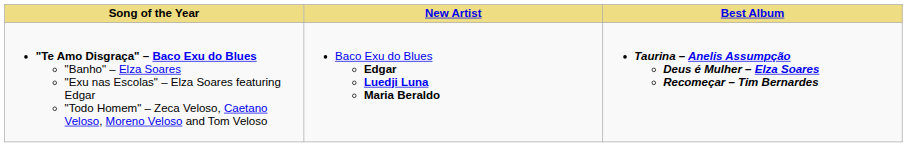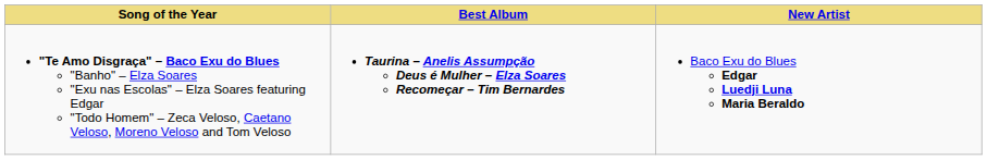 <table class=wikitable>
 <tr>
 <th style="background:#EEDD82;width:20%">Song of the Year</th>
+<th style="background:#EEDD82;width:20%"><a href='#'>Best Album</a></th>
 <th style="background:#EEDD82;width:20%"><a href='#'>New Artist</a></th>
-<th style="background:#EEDD82;width:20%"><a href='#'>Best Album</a></th>
 </tr>
 <tr>
 <td valign="top"><br><ul><li><strong>"Te Amo Disgraça" – <a href='#'>Baco Exu do Blues</a></strong><ul><li>"Banho" – <a href='#'>Elza Soares</a></li><li>"Exu nas Escolas" – Elza Soares featuring Edgar</li><li>"Todo Homem" – Zeca Veloso, <a href='#'>Caetano Veloso</a>, <a href='#'>Moreno Veloso</a> and Tom Veloso</li></ul></li></ul></td>
+<td valign="top"><br><ul><li><strong><em>Taurina<em> – <a href='#'>Anelis Assumpção</a><strong><ul><li></em>Deus é Mulher<em> – <a href='#'>Elza Soares</a></li><li></em>Recomeçar<em> – Tim Bernardes</li></ul></li></ul></td>
 <td valign="top"><br><ul><li></strong><a href='#'>Baco Exu do Blues</a><strong><ul><li>Edgar</li><li><a href='#'>Luedji Luna</a></li><li>Maria Beraldo</li></ul></li></ul></td>
-<td valign="top"><br><ul><li><strong><em>Taurina<em> – <a href='#'>Anelis Assumpção</a><strong><ul><li></em>Deus é Mulher<em> – <a href='#'>Elza Soares</a></li><li></em>Recomeçar<em> – Tim Bernardes</li></ul></li></ul></td>
 </tr>
 </table>
